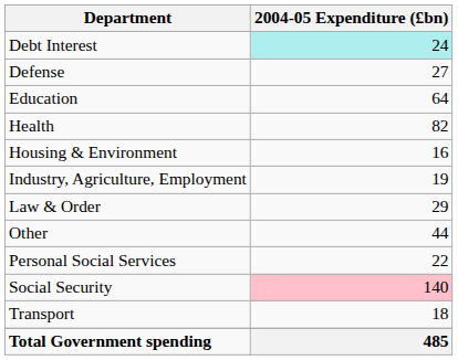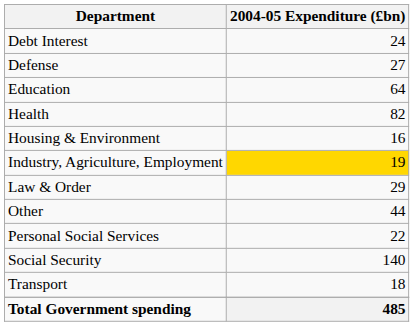 <table class="wikitable sortable">
 <tr>
 <th>Department</th>
 <th style="text-align: right">2004-05 Expenditure (£bn)</th>
 </tr>
 <tr>
 <td>Debt Interest</td>
-<td style="background: paleturquoise; text-align: right">24</td>
+<td style="text-align: right">24</td>
 </tr>
 <tr>
 <td>Defense</td>
 <td style="text-align: right">27</td>
 </tr>
 <tr>
 <td>Education</td>
 <td style="text-align: right">64</td>
 </tr>
 <tr>
 <td>Health</td>
 <td style="text-align: right">82</td>
 </tr>
 <tr>
 <td>Housing & Environment</td>
 <td style="text-align: right">16</td>
 </tr>
 <tr>
 <td>Industry, Agriculture,  Employment</td>
-<td style="text-align: right">19</td>
+<td style="background: gold; text-align: right">19</td>
 </tr>
 <tr>
 <td>Law & Order</td>
 <td style="text-align: right">29</td>
 </tr>
 <tr>
 <td>Other</td>
 <td style="text-align: right">44</td>
 </tr>
 <tr>
 <td>Personal Social Services</td>
 <td style="text-align: right">22</td>
 </tr>
 <tr>
 <td>Social Security</td>
-<td style="background: pink; text-align: right">140</td>
+<td style="text-align: right">140</td>
 </tr>
 <tr>
 <td>Transport</td>
 <td style="text-align: right">18</td>
 </tr>
 <tr>
 </tr>
 <tr class="sortbottom">
 <td style="text-align: left"><strong>Total Government spending</strong></td>
 <th style="text-align: right">485</th>
 </tr>
 </table>
